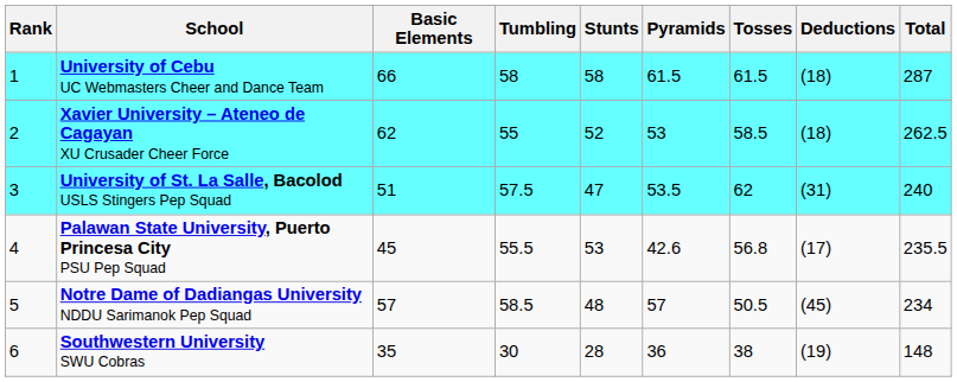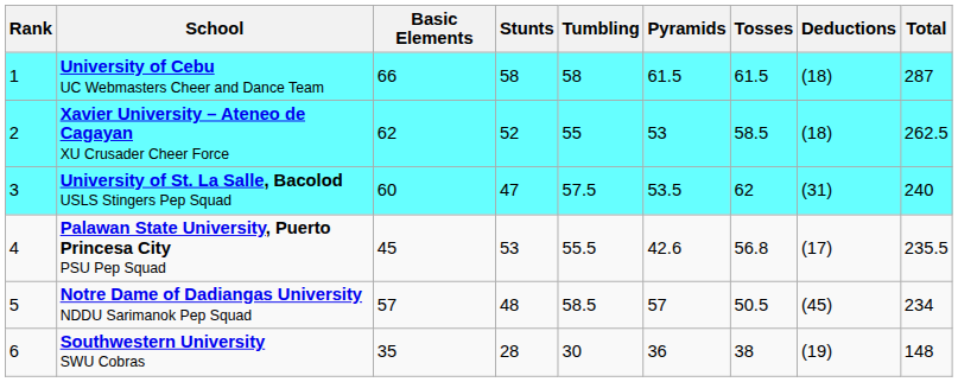 <table class="wikitable" style="text align: center">
 <tr bgcolor="#efefef">
 <th>Rank</th>
 <th>School</th>
 <th>Basic Elements</th>
+<th>Stunts</th>
 <th>Tumbling</th>
-<th>Stunts</th>
 <th>Pyramids</th>
 <th>Tosses</th>
 <th>Deductions</th>
 <th>Total</th>
 </tr>
 <tr bgcolor="66FFFF">
 <td>1</td>
 <td><strong><a href='#'>University of Cebu</a></strong> <br> <small>UC Webmasters Cheer and Dance Team</small></td>
 <td>66</td>
 <td>58</td>
 <td>58</td>
 <td>61.5</td>
 <td>61.5</td>
 <td>(18)</td>
 <td>287</td>
 </tr>
 <tr bgcolor="66FFFF">
 <td>2</td>
 <td><strong><a href='#'>Xavier University – Ateneo de Cagayan</a></strong> <br> <small>XU Crusader Cheer Force</small></td>
 <td>62</td>
+<td>52</td>
 <td>55</td>
-<td>52</td>
 <td>53</td>
 <td>58.5</td>
 <td>(18)</td>
 <td>262.5</td>
 </tr>
 <tr bgcolor="66FFFF">
 <td>3</td>
 <td><strong><a href='#'>University of St. La Salle</a>, Bacolod</strong> <br> <small>USLS Stingers Pep Squad</small></td>
-<td>51</td>
+<td>60</td>
+<td>47</td>
 <td>57.5</td>
-<td>47</td>
 <td>53.5</td>
 <td>62</td>
 <td>(31)</td>
 <td>240</td>
 </tr>
 <tr>
 <td>4</td>
 <td><strong><a href='#'>Palawan State University</a>, Puerto Princesa City</strong> <br> <small>PSU Pep Squad</small></td>
 <td>45</td>
+<td>53</td>
 <td>55.5</td>
-<td>53</td>
 <td>42.6</td>
 <td>56.8</td>
 <td>(17)</td>
 <td>235.5</td>
 </tr>
 <tr>
 <td>5</td>
 <td><strong><a href='#'>Notre Dame of Dadiangas University</a></strong> <br> <small>NDDU Sarimanok Pep Squad</small></td>
 <td>57</td>
+<td>48</td>
 <td>58.5</td>
-<td>48</td>
 <td>57</td>
 <td>50.5</td>
 <td>(45)</td>
 <td>234</td>
 </tr>
 <tr>
 <td>6</td>
 <td><strong><a href='#'>Southwestern University</a></strong> <br> <small>SWU Cobras</small></td>
 <td>35</td>
+<td>28</td>
 <td>30</td>
-<td>28</td>
 <td>36</td>
 <td>38</td>
 <td>(19)</td>
 <td>148</td>
 </tr>
 </table>
